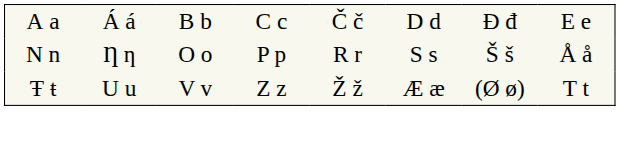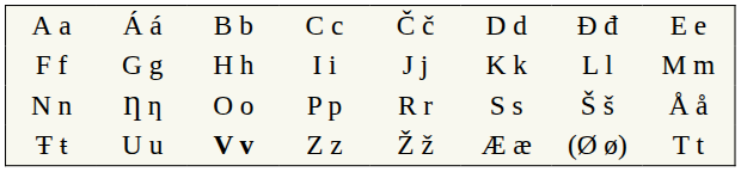 <table style="font-family:Arial Unicode MS; font-size:1.4em; border-color:#000000; border-width:1px; border-style:solid; border-collapse:collapse; background-color:#F8F8EF">
 <tr>
 <td style="width:3em; text-align:center; padding: 3px;">А а</td>
 <td style="width:3em; text-align:center; padding: 3px;">Á á</td>
 <td style="width:3em; text-align:center; padding: 3px;">B b</td>
 <td style="width:3em; text-align:center; padding: 3px;">C c</td>
 <td style="width:3em; text-align:center; padding: 3px;">Č č</td>
 <td style="width:3em; text-align:center; padding: 3px;">D d</td>
 <td style="width:3em; text-align:center; padding: 3px;">Đ đ</td>
 <td style="width:3em; text-align:center; padding: 3px;">E e</td>
+</tr>
+<tr>
+<td style="width:3em; text-align:center; padding: 3px;">F f</td>
+<td style="width:3em; text-align:center; padding: 3px;">G g</td>
+<td style="width:3em; text-align:center; padding: 3px;">H h</td>
+<td style="width:3em; text-align:center; padding: 3px;">I i</td>
+<td style="width:3em; text-align:center; padding: 3px;">J j</td>
+<td style="width:3em; text-align:center; padding: 3px;">K k</td>
+<td style="width:3em; text-align:center; padding: 3px;">L l</td>
+<td style="width:3em; text-align:center; padding: 3px;">M m</td>
 </tr>
 <tr>
 <td style="width:3em; text-align:center; padding: 3px;">N n</td>
 <td style="width:3em; text-align:center; padding: 3px;">Ƞ ƞ</td>
 <td style="width:3em; text-align:center; padding: 3px;">O o</td>
 <td style="width:3em; text-align:center; padding: 3px;">P p</td>
 <td style="width:3em; text-align:center; padding: 3px;">R r</td>
 <td style="width:3em; text-align:center; padding: 3px;">S s</td>
 <td style="width:3em; text-align:center; padding: 3px;">Š š</td>
 <td style="width:3em; text-align:center; padding: 3px;">Å å</td>
 </tr>
 <tr>
 <td style="width:3em; text-align:center; padding: 3px;">Ŧ ŧ</td>
 <td style="width:3em; text-align:center; padding: 3px;">U u</td>
-<td style="width:3em; text-align:center; padding: 3px;">V v</td>
+<td style="width:3em; text-align:center; padding: 3px;"><strong>V v</strong></td>
 <td style="width:3em; text-align:center; padding: 3px;">Z z</td>
 <td style="width:3em; text-align:center; padding: 3px;">Ž ž</td>
 <td style="width:3em; text-align:center; padding: 3px;">Æ æ</td>
 <td style="width:3em; text-align:center; padding: 3px;">(Ø ø)</td>
 <td style="width:3em; text-align:center; padding: 3px;">T t</td>
 </tr>
 </table>
